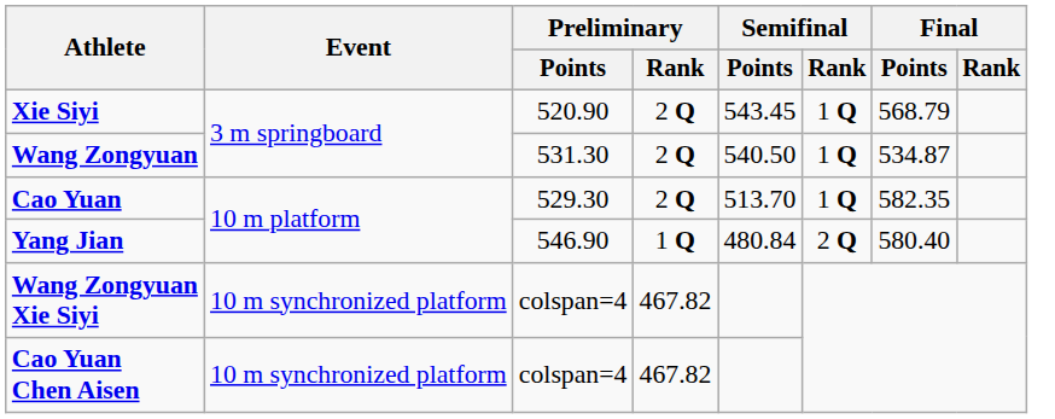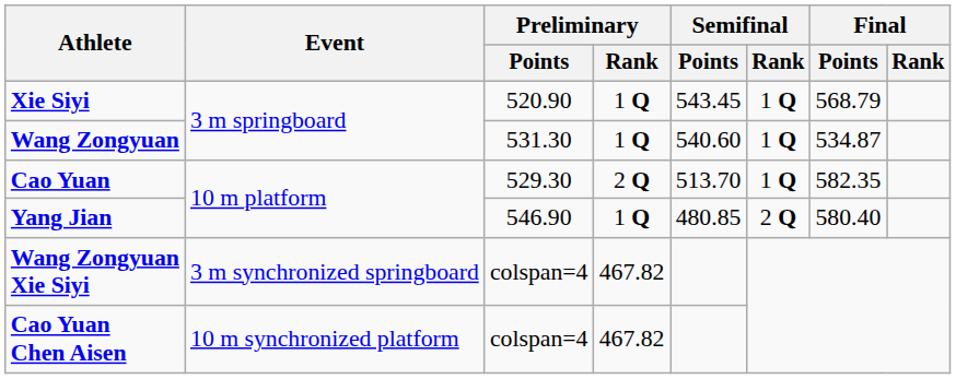 <table class=wikitable style="font-size:90%">
 <tr>
 <th rowspan="2">Athlete</th>
 <th rowspan="2">Event</th>
 <th colspan="2">Preliminary</th>
 <th colspan="2">Semifinal</th>
 <th colspan="2">Final</th>
 </tr>
 <tr style="font-size:95%">
 <th>Points</th>
 <th>Rank</th>
 <th>Points</th>
 <th>Rank</th>
 <th>Points</th>
 <th>Rank</th>
 </tr>
 <tr align=center>
 <td align=left><strong><a href='#'>Xie Siyi</a></strong></td>
 <td align=left rowspan=2><a href='#'>3 m springboard</a></td>
 <td>520.90</td>
-<td>2 <strong>Q</strong></td>
+<td>1 <strong>Q</strong></td>
 <td>543.45</td>
 <td>1 <strong>Q</strong></td>
 <td>568.79</td>
 <td></td>
 </tr>
 <tr align=center>
 <td align=left><strong><a href='#'>Wang Zongyuan</a></strong></td>
 <td>531.30</td>
-<td>2 <strong>Q</strong></td>
-<td>540.50</td>
+<td>1 <strong>Q</strong></td>
+<td>540.60</td>
 <td>1 <strong>Q</strong></td>
 <td>534.87</td>
 <td></td>
 </tr>
 <tr align=center>
 <td align=left><strong><a href='#'>Cao Yuan</a></strong></td>
 <td align=left rowspan=2><a href='#'>10 m platform</a></td>
 <td>529.30</td>
 <td>2 <strong>Q</strong></td>
 <td>513.70</td>
 <td>1 <strong>Q</strong></td>
 <td>582.35</td>
 <td></td>
 </tr>
 <tr align=center>
 <td align=left><strong><a href='#'>Yang Jian</a></strong></td>
 <td>546.90</td>
 <td>1 <strong>Q</strong></td>
-<td>480.84</td>
+<td>480.85</td>
 <td>2 <strong>Q</strong></td>
 <td>580.40</td>
 <td></td>
 </tr>
 <tr align=center>
 <td align=left><strong><a href='#'>Wang Zongyuan</a><br><a href='#'>Xie Siyi</a></strong></td>
-<td align=left><a href='#'>10 m synchronized platform</a></td>
+<td align=left><a href='#'>3 m synchronized springboard</a></td>
 <td>colspan=4 </td>
 <td>467.82</td>
 <td></td>
 </tr>
 <tr align=center>
 <td align=left><strong><a href='#'>Cao Yuan</a><br><a href='#'>Chen Aisen</a></strong></td>
 <td align=left><a href='#'>10 m synchronized platform</a></td>
 <td>colspan=4 </td>
 <td>467.82</td>
 <td></td>
 </tr>
 </table>
